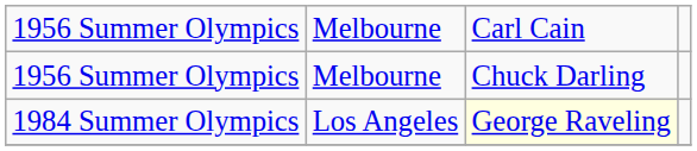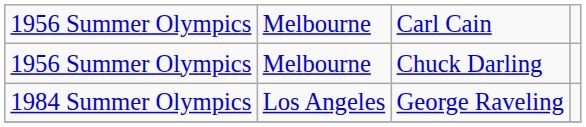 <table class="wikitable">
 <tr>
 <td><a href='#'>1956 Summer Olympics</a></td>
 <td><a href='#'>Melbourne</a></td>
 <td><a href='#'>Carl Cain</a></td>
 <td style="text-align:center;"></td>
 </tr>
 <tr>
 <td><a href='#'>1956 Summer Olympics</a></td>
 <td><a href='#'>Melbourne</a></td>
 <td><a href='#'>Chuck Darling</a></td>
 <td style="text-align:center;"></td>
 </tr>
 <tr>
 <td><a href='#'>1984 Summer Olympics</a></td>
 <td><a href='#'>Los Angeles</a></td>
-<td style="background: lightyellow;"><a href='#'>George Raveling</a></td>
+<td><a href='#'>George Raveling</a></td>
 <td style="text-align:center;"></td>
 </tr>
 <tr>
 </tr>
 </table>
